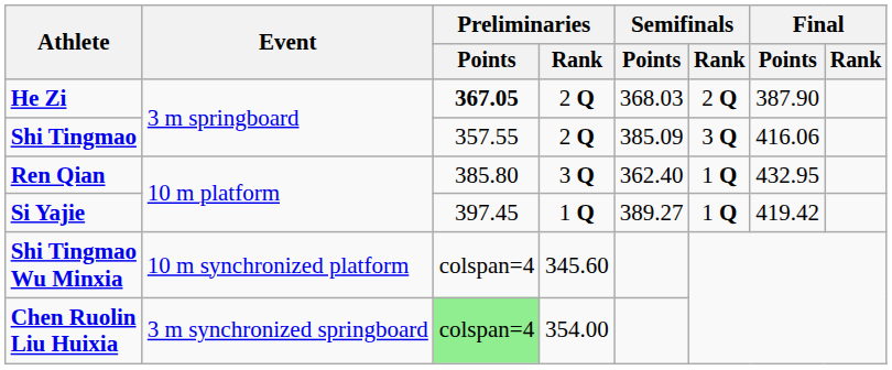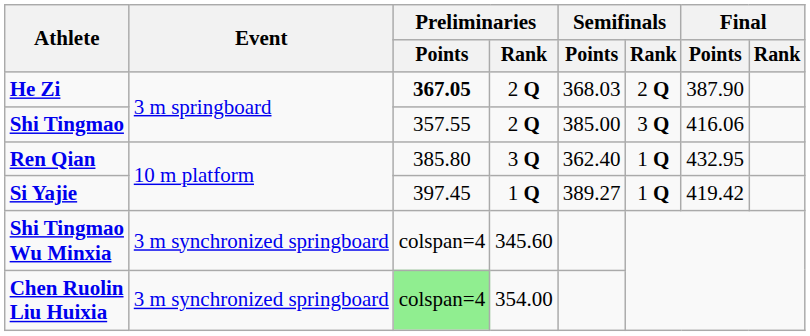 <table class=wikitable style="font-size:90%">
 <tr>
 <th rowspan="2">Athlete</th>
 <th rowspan="2">Event</th>
 <th colspan="2">Preliminaries</th>
 <th colspan="2">Semifinals</th>
 <th colspan="2">Final</th>
 </tr>
 <tr style="font-size:95%">
 <th>Points</th>
 <th>Rank</th>
 <th>Points</th>
 <th>Rank</th>
 <th>Points</th>
 <th>Rank</th>
 </tr>
 <tr align=center>
 <td align=left><strong><a href='#'>He Zi</a></strong></td>
 <td align=left rowspan=2><a href='#'>3 m springboard</a></td>
 <td><strong>367.05</strong></td>
 <td>2 <strong>Q</strong></td>
 <td>368.03</td>
 <td>2 <strong>Q</strong></td>
 <td>387.90</td>
 <td></td>
 </tr>
 <tr align=center>
 <td align=left><strong><a href='#'>Shi Tingmao</a></strong></td>
 <td>357.55</td>
 <td>2 <strong>Q</strong></td>
-<td>385.09</td>
+<td>385.00</td>
 <td>3 <strong>Q</strong></td>
 <td>416.06</td>
 <td></td>
 </tr>
 <tr align=center>
 <td align=left><strong><a href='#'>Ren Qian</a></strong></td>
 <td align=left rowspan=2><a href='#'>10 m platform</a></td>
 <td>385.80</td>
 <td>3 <strong>Q</strong></td>
 <td>362.40</td>
 <td>1 <strong>Q</strong></td>
 <td>432.95</td>
 <td></td>
 </tr>
 <tr align=center>
 <td align=left><strong><a href='#'>Si Yajie</a></strong></td>
 <td>397.45</td>
 <td>1 <strong>Q</strong></td>
 <td>389.27</td>
 <td>1 <strong>Q</strong></td>
 <td>419.42</td>
 <td></td>
 </tr>
 <tr align=center>
 <td align=left><strong><a href='#'>Shi Tingmao</a><br><a href='#'>Wu Minxia</a></strong></td>
-<td align=left><a href='#'>10 m synchronized platform</a></td>
+<td align=left><a href='#'>3 m synchronized springboard</a></td>
 <td>colspan=4 </td>
 <td>345.60</td>
 <td></td>
 </tr>
 <tr align=center>
 <td align=left><strong><a href='#'>Chen Ruolin</a><br><a href='#'>Liu Huixia</a></strong></td>
 <td align=left><a href='#'>3 m synchronized springboard</a></td>
 <td style="background: lightgreen;">colspan=4 </td>
 <td>354.00</td>
 <td></td>
 </tr>
 </table>
